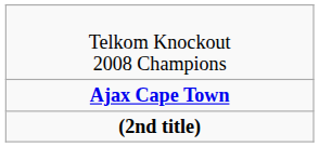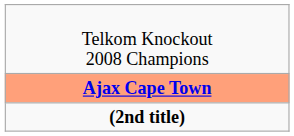 <table class="wikitable" style="text-align: center; margin: 0 auto; width: 20%">
 <tr>
 <td><br>Telkom Knockout <br>2008 Champions</td>
 </tr>
 <tr>
-<td><strong><a href='#'>Ajax Cape Town</a></strong></td>
+<td style="background: lightsalmon;"><strong><a href='#'>Ajax Cape Town</a></strong></td>
 </tr>
 <tr>
 <td><strong>(2nd title)</strong></td>
 </tr>
 </table>
